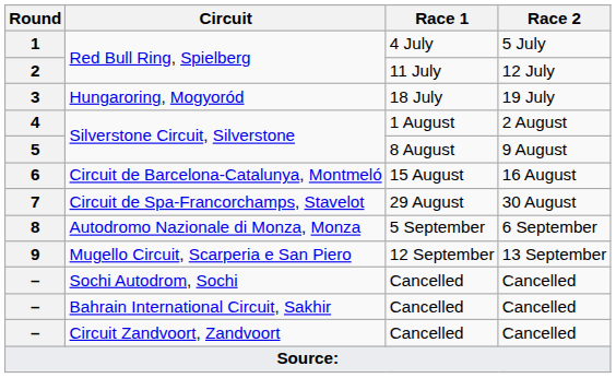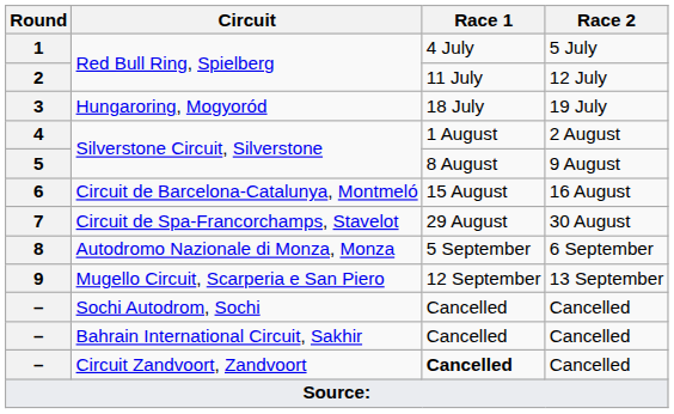 <table class=wikitable style="font-size:85%;">
 <tr>
 <th>Round</th>
 <th>Circuit</th>
 <th>Race 1</th>
 <th>Race 2</th>
 </tr>
 <tr>
 <th>1</th>
 <td rowspan=2> <a href='#'>Red Bull Ring</a>, <a href='#'>Spielberg</a></td>
 <td>4 July</td>
 <td>5 July</td>
 </tr>
 <tr>
 <th>2</th>
 <td>11 July</td>
 <td>12 July</td>
 </tr>
 <tr>
 <th>3</th>
 <td> <a href='#'>Hungaroring</a>, <a href='#'>Mogyoród</a></td>
 <td>18 July</td>
 <td>19 July</td>
 </tr>
 <tr>
 <th>4</th>
 <td rowspan=2> <a href='#'>Silverstone Circuit</a>, <a href='#'>Silverstone</a></td>
 <td>1 August</td>
 <td>2 August</td>
 </tr>
 <tr>
 <th>5</th>
 <td>8 August</td>
 <td>9 August</td>
 </tr>
 <tr>
 <th>6</th>
 <td nowrap> <a href='#'>Circuit de Barcelona-Catalunya</a>, <a href='#'>Montmeló</a></td>
 <td>15 August</td>
 <td>16 August</td>
 </tr>
 <tr>
 <th>7</th>
 <td> <a href='#'>Circuit de Spa-Francorchamps</a>, <a href='#'>Stavelot</a></td>
 <td>29 August</td>
 <td>30 August</td>
 </tr>
 <tr>
 <th>8</th>
 <td> <a href='#'>Autodromo Nazionale di Monza</a>, <a href='#'>Monza</a></td>
 <td>5 September</td>
 <td>6 September</td>
 </tr>
 <tr>
 <th>9</th>
 <td> <a href='#'>Mugello Circuit</a>, <a href='#'>Scarperia e San Piero</a></td>
 <td nowrap>12 September</td>
 <td nowrap>13 September</td>
 </tr>
 <tr>
 <th>–</th>
 <td> <a href='#'>Sochi Autodrom</a>, <a href='#'>Sochi</a></td>
 <td>Cancelled</td>
 <td>Cancelled</td>
 </tr>
 <tr>
 <th>–</th>
 <td> <a href='#'>Bahrain International Circuit</a>, <a href='#'>Sakhir</a></td>
 <td>Cancelled</td>
 <td>Cancelled</td>
 </tr>
 <tr>
 <th>–</th>
 <td> <a href='#'>Circuit Zandvoort</a>, <a href='#'>Zandvoort</a></td>
-<td>Cancelled</td>
+<td><strong>Cancelled</strong></td>
 <td>Cancelled</td>
 </tr>
 <tr>
 <td colspan=4 style="background-color:#EAECF0; text-align:center"><strong>Source:</strong></td>
 </tr>
 </table>
